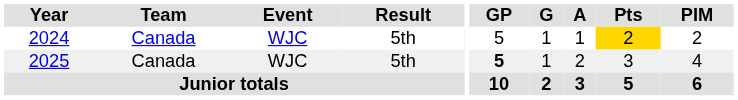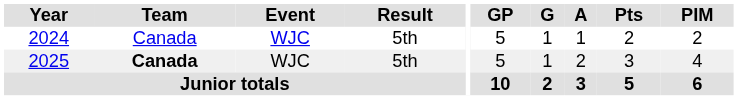 <table border="0" cellpadding="1" cellspacing="0" ID="Table3" style="text-align:center; width:40em;">
 <tr bgcolor="#e0e0e0">
 <th>Year</th>
 <th>Team</th>
 <th>Event</th>
 <th>Result</th>
 <th rowspan="99" bgcolor="#ffffff"></th>
 <th>GP</th>
 <th>G</th>
 <th>A</th>
 <th>Pts</th>
 <th>PIM</th>
 </tr>
 <tr>
 <td><a href='#'>2024</a></td>
 <td><a href='#'>Canada</a></td>
 <td><a href='#'>WJC</a></td>
 <td>5th</td>
 <td>5</td>
 <td>1</td>
 <td>1</td>
-<td style="background: gold;">2</td>
+<td>2</td>
 <td>2</td>
 </tr>
 <tr bgcolor="#f0f0f0">
 <td><a href='#'>2025</a></td>
-<td>Canada</td>
+<td><strong>Canada</strong></td>
 <td>WJC</td>
 <td>5th</td>
-<td><strong>5</strong></td>
+<td>5</td>
 <td>1</td>
 <td>2</td>
 <td>3</td>
 <td>4</td>
 </tr>
 <tr bgcolor="#e0e0e0">
 <th colspan="4">Junior totals</th>
 <th>10</th>
 <th>2</th>
 <th>3</th>
 <th>5</th>
 <th>6</th>
 </tr>
 </table>
